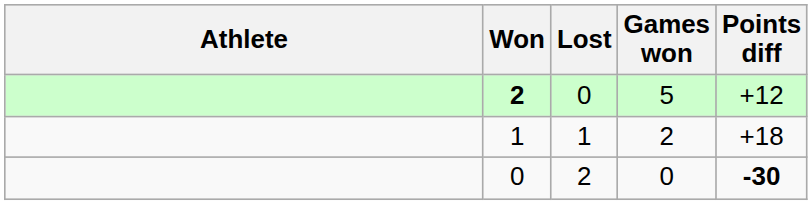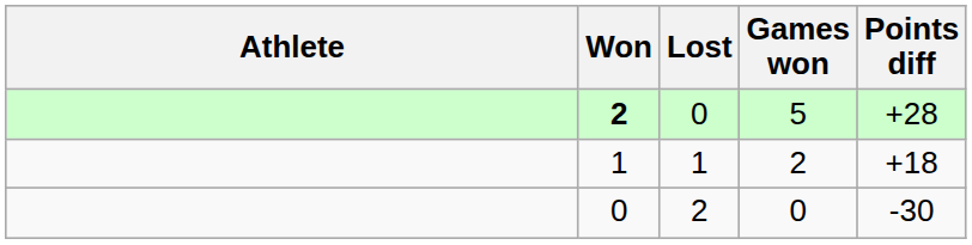 <table class="wikitable">
 <tr>
 <th style="width:18em">Athlete</th>
 <th>Won</th>
 <th>Lost</th>
 <th>Games<br>won</th>
 <th>Points<br>diff</th>
 </tr>
 <tr bgcolor="#ccffcc">
 <td></td>
 <td align="center"><strong>2</strong></td>
 <td align="center">0</td>
 <td align="center">5</td>
-<td align="center">+12</td>
+<td align="center">+28</td>
 </tr>
 <tr>
 <td></td>
 <td align="center">1</td>
 <td align="center">1</td>
 <td align="center">2</td>
 <td align="center">+18</td>
 </tr>
 <tr>
 <td></td>
 <td align="center">0</td>
 <td align="center">2</td>
 <td align="center">0</td>
-<td align="center"><strong>-30</strong></td>
+<td align="center">-30</td>
 </tr>
 </table>
